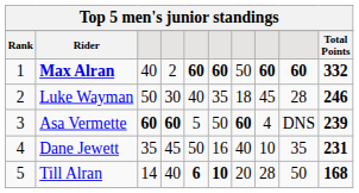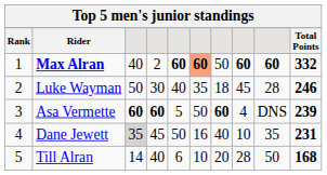 <table class="wikitable sortable">
 <tr>
 <th colspan=27 align="center"><strong>Top 5 men's junior standings</strong></th>
 </tr>
 <tr>
 </tr>
 <tr style="font-size:8pt;font-weight:bold">
 <th align="center">Rank</th>
 <th align="center">Rider</th>
 <th class=unsortable style="background:#E5E4E2;"><small></small></th>
 <th class=unsortable style="background:#E5E4E2;"><small></small></th>
 <th class=unsortable style="background:#E5E4E2;"><small></small></th>
 <th class=unsortable style="background:#E5E4E2;"><small></small></th>
 <th class=unsortable style="background:#E5E4E2;"><small></small></th>
 <th class=unsortable style="background:#E5E4E2;"><small></small></th>
 <th class=unsortable style="background:#E5E4E2;"><small></small></th>
 <th align="center">Total<br>Points</th>
 </tr>
 <tr>
 <td align=center>1</td>
 <td> <strong><a href='#'>Max Alran</a></strong></td>
 <td align=center>40</td>
 <td align=center>2</td>
 <td align=center><strong>60</strong></td>
-<td align=center><strong>60</strong></td>
+<td align=center style="background: lightsalmon;"><strong>60</strong></td>
 <td align=center>50</td>
 <td align=center><strong>60</strong></td>
 <td align=center><strong>60</strong></td>
 <td align=center><strong>332</strong></td>
 </tr>
 <tr>
 <td align=center>2</td>
 <td> <a href='#'>Luke Wayman</a></td>
 <td align=center>50</td>
 <td align=center>30</td>
 <td align=center>40</td>
 <td align=center>35</td>
 <td align=center>18</td>
 <td align=center>45</td>
 <td align=center>28</td>
 <td align=center><strong>246</strong></td>
 </tr>
 <tr>
 <td align=center>3</td>
 <td> <a href='#'>Asa Vermette</a></td>
 <td align=center><strong>60</strong></td>
 <td align=center><strong>60</strong></td>
 <td align=center>5</td>
 <td align=center>50</td>
 <td align=center><strong>60</strong></td>
 <td align=center>4</td>
 <td align=center>DNS</td>
 <td align=center><strong>239</strong></td>
 </tr>
 <tr>
 <td align=center>4</td>
 <td> <a href='#'>Dane Jewett</a></td>
-<td align=center>35</td>
+<td align=center style="background: lightgrey;">35</td>
 <td align=center>45</td>
 <td align=center>50</td>
 <td align=center>16</td>
 <td align=center>40</td>
 <td align=center>10</td>
 <td align=center>35</td>
 <td align=center><strong>231</strong></td>
 </tr>
 <tr>
 <td align=center>5</td>
 <td> <a href='#'>Till Alran</a></td>
 <td align=center>14</td>
 <td align=center>40</td>
-<td align=center><strong>6</strong></td>
-<td align=center><strong>10</strong></td>
+<td align=center>6</td>
+<td align=center>10</td>
 <td align=center>20</td>
 <td align=center>28</td>
 <td align=center>50</td>
 <td align=center><strong>168</strong><br></td>
 </tr>
 </table>
